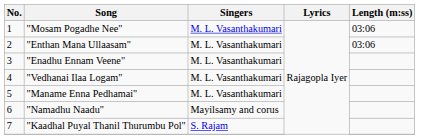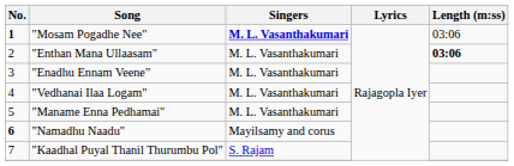 <table class="wikitable">
 <tr>
 <th>No.</th>
 <th>Song</th>
 <th>Singers</th>
 <th>Lyrics</th>
 <th>Length (m:ss)</th>
 </tr>
 <tr>
-<td>1</td>
+<td><strong>1</strong></td>
 <td>"Mosam Pogadhe Nee"</td>
-<td><a href='#'>M. L. Vasanthakumari</a></td>
+<td><strong><a href='#'>M. L. Vasanthakumari</a></strong></td>
 <td rowspan=9>Rajagopla Iyer</td>
 <td>03:06</td>
 </tr>
 <tr>
 <td>2</td>
 <td>"Enthan Mana Ullaasam"</td>
 <td>M. L. Vasanthakumari</td>
-<td>03:06</td>
+<td><strong>03:06</strong></td>
 </tr>
 <tr>
 <td>3</td>
 <td>"Enadhu Ennam Veene"</td>
 <td>M. L. Vasanthakumari</td>
 <td></td>
 </tr>
 <tr>
 <td>4</td>
 <td>"Vedhanai Ilaa Logam"</td>
 <td>M. L. Vasanthakumari</td>
 <td></td>
 </tr>
 <tr>
 <td>5</td>
 <td>"Maname Enna Pedhamai"</td>
 <td>M. L. Vasanthakumari</td>
 <td></td>
 </tr>
 <tr>
-<td>6</td>
+<td><strong>6</strong></td>
 <td>"Namadhu Naadu"</td>
 <td>Mayilsamy and corus</td>
 <td></td>
 </tr>
 <tr>
 <td>7</td>
 <td>"Kaadhal Puyal Thanil Thurumbu Pol"</td>
 <td><a href='#'>S. Rajam</a></td>
 <td></td>
 </tr>
 <tr>
 </tr>
 </table>
